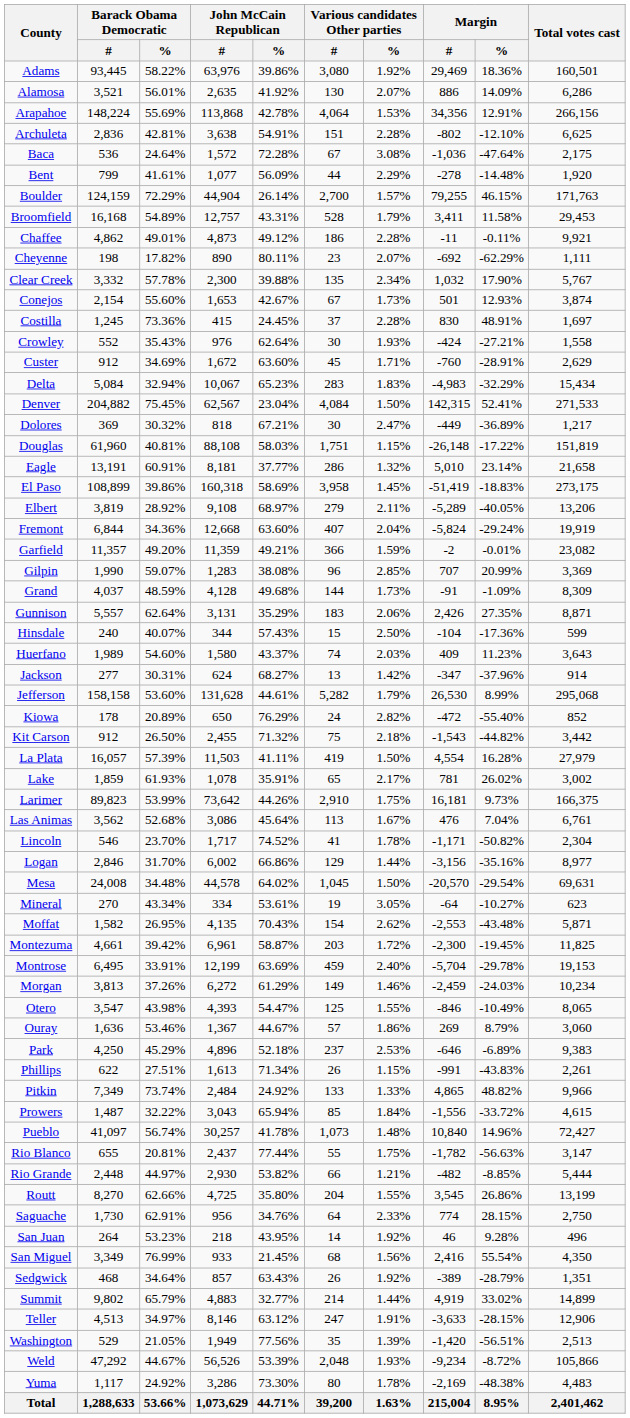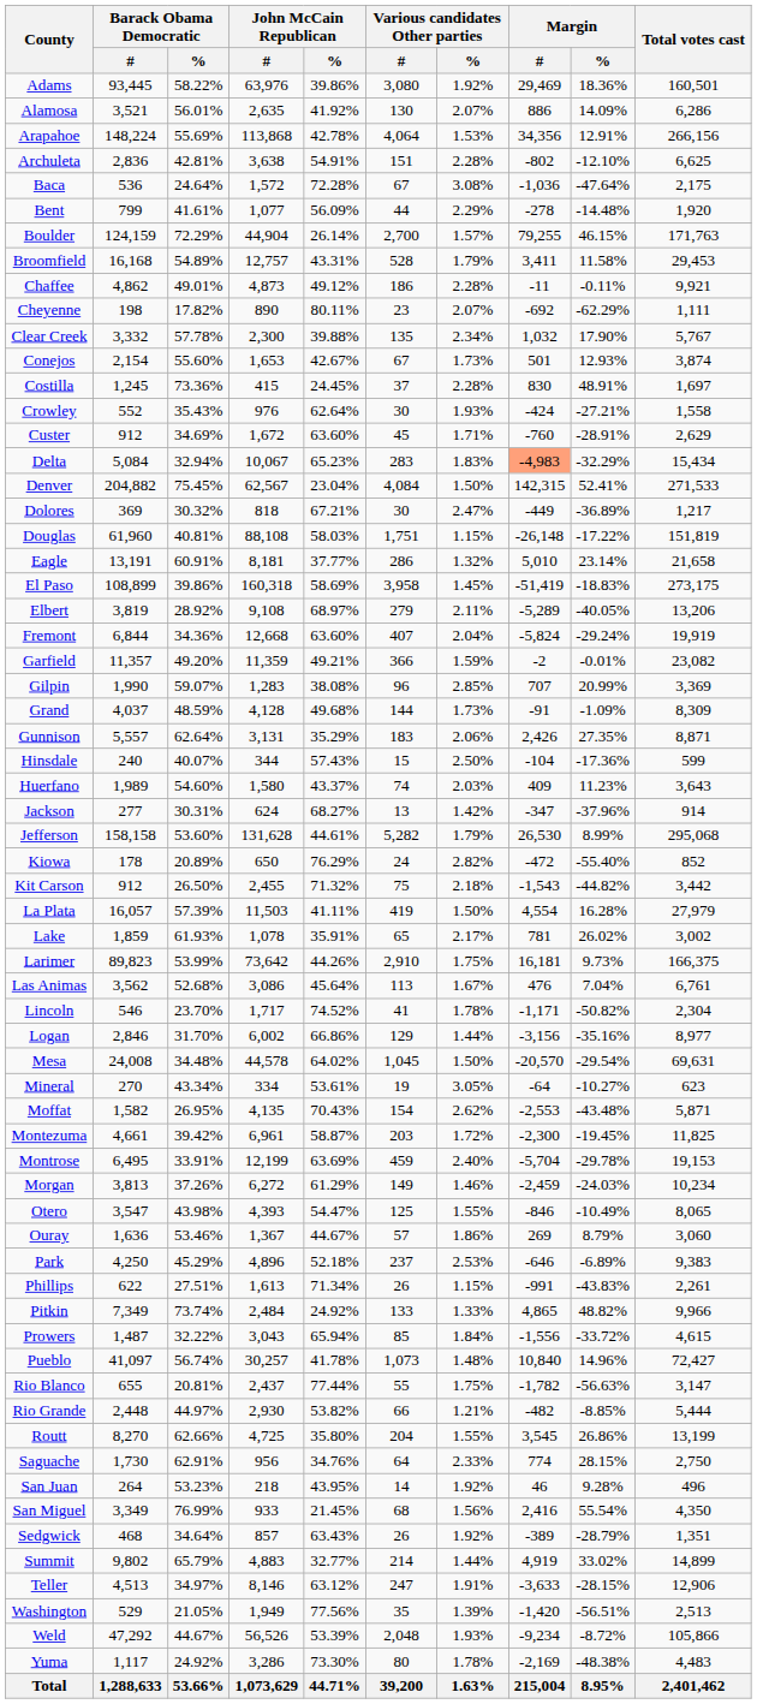 <table width="60%"  class="wikitable sortable" style="text-align:center">
 <tr>
 <th style="text-align:center;" rowspan="2">County</th>
 <th style="text-align:center;" colspan="2">Barack Obama<br>Democratic</th>
 <th style="text-align:center;" colspan="2">John McCain<br>Republican</th>
 <th style="text-align:center;" colspan="2">Various candidates<br>Other parties</th>
 <th style="text-align:center;" colspan="2">Margin</th>
 <th style="text-align:center;" rowspan="2">Total votes cast</th>
 </tr>
 <tr>
 <th style="text-align:center;" data-sort-type="number">#</th>
 <th style="text-align:center;" data-sort-type="number">%</th>
 <th style="text-align:center;" data-sort-type="number">#</th>
 <th style="text-align:center;" data-sort-type="number">%</th>
 <th style="text-align:center;" data-sort-type="number">#</th>
 <th style="text-align:center;" data-sort-type="number">%</th>
 <th style="text-align:center;" data-sort-type="number">#</th>
 <th style="text-align:center;" data-sort-type="number">%</th>
 </tr>
 <tr style="text-align:center;">
 <td><a href='#'>Adams</a></td>
 <td>93,445</td>
 <td>58.22%</td>
 <td>63,976</td>
 <td>39.86%</td>
 <td>3,080</td>
 <td>1.92%</td>
 <td>29,469</td>
 <td>18.36%</td>
 <td>160,501</td>
 </tr>
 <tr style="text-align:center;">
 <td><a href='#'>Alamosa</a></td>
 <td>3,521</td>
 <td>56.01%</td>
 <td>2,635</td>
 <td>41.92%</td>
 <td>130</td>
 <td>2.07%</td>
 <td>886</td>
 <td>14.09%</td>
 <td>6,286</td>
 </tr>
 <tr style="text-align:center;">
 <td><a href='#'>Arapahoe</a></td>
 <td>148,224</td>
 <td>55.69%</td>
 <td>113,868</td>
 <td>42.78%</td>
 <td>4,064</td>
 <td>1.53%</td>
 <td>34,356</td>
 <td>12.91%</td>
 <td>266,156</td>
 </tr>
 <tr style="text-align:center;">
 <td><a href='#'>Archuleta</a></td>
 <td>2,836</td>
 <td>42.81%</td>
 <td>3,638</td>
 <td>54.91%</td>
 <td>151</td>
 <td>2.28%</td>
 <td>-802</td>
 <td>-12.10%</td>
 <td>6,625</td>
 </tr>
 <tr style="text-align:center;">
 <td><a href='#'>Baca</a></td>
 <td>536</td>
 <td>24.64%</td>
 <td>1,572</td>
 <td>72.28%</td>
 <td>67</td>
 <td>3.08%</td>
 <td>-1,036</td>
 <td>-47.64%</td>
 <td>2,175</td>
 </tr>
 <tr style="text-align:center;">
 <td><a href='#'>Bent</a></td>
 <td>799</td>
 <td>41.61%</td>
 <td>1,077</td>
 <td>56.09%</td>
 <td>44</td>
 <td>2.29%</td>
 <td>-278</td>
 <td>-14.48%</td>
 <td>1,920</td>
 </tr>
 <tr style="text-align:center;">
 <td><a href='#'>Boulder</a></td>
 <td>124,159</td>
 <td>72.29%</td>
 <td>44,904</td>
 <td>26.14%</td>
 <td>2,700</td>
 <td>1.57%</td>
 <td>79,255</td>
 <td>46.15%</td>
 <td>171,763</td>
 </tr>
 <tr style="text-align:center;">
 <td><a href='#'>Broomfield</a></td>
 <td>16,168</td>
 <td>54.89%</td>
 <td>12,757</td>
 <td>43.31%</td>
 <td>528</td>
 <td>1.79%</td>
 <td>3,411</td>
 <td>11.58%</td>
 <td>29,453</td>
 </tr>
 <tr style="text-align:center;">
 <td><a href='#'>Chaffee</a></td>
 <td>4,862</td>
 <td>49.01%</td>
 <td>4,873</td>
 <td>49.12%</td>
 <td>186</td>
 <td>2.28%</td>
 <td>-11</td>
 <td>-0.11%</td>
 <td>9,921</td>
 </tr>
 <tr style="text-align:center;">
 <td><a href='#'>Cheyenne</a></td>
 <td>198</td>
 <td>17.82%</td>
 <td>890</td>
 <td>80.11%</td>
 <td>23</td>
 <td>2.07%</td>
 <td>-692</td>
 <td>-62.29%</td>
 <td>1,111</td>
 </tr>
 <tr style="text-align:center;">
 <td><a href='#'>Clear Creek</a></td>
 <td>3,332</td>
 <td>57.78%</td>
 <td>2,300</td>
 <td>39.88%</td>
 <td>135</td>
 <td>2.34%</td>
 <td>1,032</td>
 <td>17.90%</td>
 <td>5,767</td>
 </tr>
 <tr style="text-align:center;">
 <td><a href='#'>Conejos</a></td>
 <td>2,154</td>
 <td>55.60%</td>
 <td>1,653</td>
 <td>42.67%</td>
 <td>67</td>
 <td>1.73%</td>
 <td>501</td>
 <td>12.93%</td>
 <td>3,874</td>
 </tr>
 <tr style="text-align:center;">
 <td><a href='#'>Costilla</a></td>
 <td>1,245</td>
 <td>73.36%</td>
 <td>415</td>
 <td>24.45%</td>
 <td>37</td>
 <td>2.28%</td>
 <td>830</td>
 <td>48.91%</td>
 <td>1,697</td>
 </tr>
 <tr style="text-align:center;">
 <td><a href='#'>Crowley</a></td>
 <td>552</td>
 <td>35.43%</td>
 <td>976</td>
 <td>62.64%</td>
 <td>30</td>
 <td>1.93%</td>
 <td>-424</td>
 <td>-27.21%</td>
 <td>1,558</td>
 </tr>
 <tr style="text-align:center;">
 <td><a href='#'>Custer</a></td>
 <td>912</td>
 <td>34.69%</td>
 <td>1,672</td>
 <td>63.60%</td>
 <td>45</td>
 <td>1.71%</td>
 <td>-760</td>
 <td>-28.91%</td>
 <td>2,629</td>
 </tr>
 <tr style="text-align:center;">
 <td><a href='#'>Delta</a></td>
 <td>5,084</td>
 <td>32.94%</td>
 <td>10,067</td>
 <td>65.23%</td>
 <td>283</td>
 <td>1.83%</td>
-<td>-4,983</td>
+<td style="background: lightsalmon;">-4,983</td>
 <td>-32.29%</td>
 <td>15,434</td>
 </tr>
 <tr style="text-align:center;">
 <td><a href='#'>Denver</a></td>
 <td>204,882</td>
 <td>75.45%</td>
 <td>62,567</td>
 <td>23.04%</td>
 <td>4,084</td>
 <td>1.50%</td>
 <td>142,315</td>
 <td>52.41%</td>
 <td>271,533</td>
 </tr>
 <tr style="text-align:center;">
 <td><a href='#'>Dolores</a></td>
 <td>369</td>
 <td>30.32%</td>
 <td>818</td>
 <td>67.21%</td>
 <td>30</td>
 <td>2.47%</td>
 <td>-449</td>
 <td>-36.89%</td>
 <td>1,217</td>
 </tr>
 <tr style="text-align:center;">
 <td><a href='#'>Douglas</a></td>
 <td>61,960</td>
 <td>40.81%</td>
 <td>88,108</td>
 <td>58.03%</td>
 <td>1,751</td>
 <td>1.15%</td>
 <td>-26,148</td>
 <td>-17.22%</td>
 <td>151,819</td>
 </tr>
 <tr style="text-align:center;">
 <td><a href='#'>Eagle</a></td>
 <td>13,191</td>
 <td>60.91%</td>
 <td>8,181</td>
 <td>37.77%</td>
 <td>286</td>
 <td>1.32%</td>
 <td>5,010</td>
 <td>23.14%</td>
 <td>21,658</td>
 </tr>
 <tr style="text-align:center;">
 <td><a href='#'>El Paso</a></td>
 <td>108,899</td>
 <td>39.86%</td>
 <td>160,318</td>
 <td>58.69%</td>
 <td>3,958</td>
 <td>1.45%</td>
 <td>-51,419</td>
 <td>-18.83%</td>
 <td>273,175</td>
 </tr>
 <tr style="text-align:center;">
 <td><a href='#'>Elbert</a></td>
 <td>3,819</td>
 <td>28.92%</td>
 <td>9,108</td>
 <td>68.97%</td>
 <td>279</td>
 <td>2.11%</td>
 <td>-5,289</td>
 <td>-40.05%</td>
 <td>13,206</td>
 </tr>
 <tr style="text-align:center;">
 <td><a href='#'>Fremont</a></td>
 <td>6,844</td>
 <td>34.36%</td>
 <td>12,668</td>
 <td>63.60%</td>
 <td>407</td>
 <td>2.04%</td>
 <td>-5,824</td>
 <td>-29.24%</td>
 <td>19,919</td>
 </tr>
 <tr style="text-align:center;">
 <td><a href='#'>Garfield</a></td>
 <td>11,357</td>
 <td>49.20%</td>
 <td>11,359</td>
 <td>49.21%</td>
 <td>366</td>
 <td>1.59%</td>
 <td>-2</td>
 <td>-0.01%</td>
 <td>23,082</td>
 </tr>
 <tr style="text-align:center;">
 <td><a href='#'>Gilpin</a></td>
 <td>1,990</td>
 <td>59.07%</td>
 <td>1,283</td>
 <td>38.08%</td>
 <td>96</td>
 <td>2.85%</td>
 <td>707</td>
 <td>20.99%</td>
 <td>3,369</td>
 </tr>
 <tr style="text-align:center;">
 <td><a href='#'>Grand</a></td>
 <td>4,037</td>
 <td>48.59%</td>
 <td>4,128</td>
 <td>49.68%</td>
 <td>144</td>
 <td>1.73%</td>
 <td>-91</td>
 <td>-1.09%</td>
 <td>8,309</td>
 </tr>
 <tr style="text-align:center;">
 <td><a href='#'>Gunnison</a></td>
 <td>5,557</td>
 <td>62.64%</td>
 <td>3,131</td>
 <td>35.29%</td>
 <td>183</td>
 <td>2.06%</td>
 <td>2,426</td>
 <td>27.35%</td>
 <td>8,871</td>
 </tr>
 <tr style="text-align:center;">
 <td><a href='#'>Hinsdale</a></td>
 <td>240</td>
 <td>40.07%</td>
 <td>344</td>
 <td>57.43%</td>
 <td>15</td>
 <td>2.50%</td>
 <td>-104</td>
 <td>-17.36%</td>
 <td>599</td>
 </tr>
 <tr style="text-align:center;">
 <td><a href='#'>Huerfano</a></td>
 <td>1,989</td>
 <td>54.60%</td>
 <td>1,580</td>
 <td>43.37%</td>
 <td>74</td>
 <td>2.03%</td>
 <td>409</td>
 <td>11.23%</td>
 <td>3,643</td>
 </tr>
 <tr style="text-align:center;">
 <td><a href='#'>Jackson</a></td>
 <td>277</td>
 <td>30.31%</td>
 <td>624</td>
 <td>68.27%</td>
 <td>13</td>
 <td>1.42%</td>
 <td>-347</td>
 <td>-37.96%</td>
 <td>914</td>
 </tr>
 <tr style="text-align:center;">
 <td><a href='#'>Jefferson</a></td>
 <td>158,158</td>
 <td>53.60%</td>
 <td>131,628</td>
 <td>44.61%</td>
 <td>5,282</td>
 <td>1.79%</td>
 <td>26,530</td>
 <td>8.99%</td>
 <td>295,068</td>
 </tr>
 <tr style="text-align:center;">
 <td><a href='#'>Kiowa</a></td>
 <td>178</td>
 <td>20.89%</td>
 <td>650</td>
 <td>76.29%</td>
 <td>24</td>
 <td>2.82%</td>
 <td>-472</td>
 <td>-55.40%</td>
 <td>852</td>
 </tr>
 <tr style="text-align:center;">
 <td><a href='#'>Kit Carson</a></td>
 <td>912</td>
 <td>26.50%</td>
 <td>2,455</td>
 <td>71.32%</td>
 <td>75</td>
 <td>2.18%</td>
 <td>-1,543</td>
 <td>-44.82%</td>
 <td>3,442</td>
 </tr>
 <tr style="text-align:center;">
 <td><a href='#'>La Plata</a></td>
 <td>16,057</td>
 <td>57.39%</td>
 <td>11,503</td>
 <td>41.11%</td>
 <td>419</td>
 <td>1.50%</td>
 <td>4,554</td>
 <td>16.28%</td>
 <td>27,979</td>
 </tr>
 <tr style="text-align:center;">
 <td><a href='#'>Lake</a></td>
 <td>1,859</td>
 <td>61.93%</td>
 <td>1,078</td>
 <td>35.91%</td>
 <td>65</td>
 <td>2.17%</td>
 <td>781</td>
 <td>26.02%</td>
 <td>3,002</td>
 </tr>
 <tr style="text-align:center;">
 <td><a href='#'>Larimer</a></td>
 <td>89,823</td>
 <td>53.99%</td>
 <td>73,642</td>
 <td>44.26%</td>
 <td>2,910</td>
 <td>1.75%</td>
 <td>16,181</td>
 <td>9.73%</td>
 <td>166,375</td>
 </tr>
 <tr style="text-align:center;">
 <td><a href='#'>Las Animas</a></td>
 <td>3,562</td>
 <td>52.68%</td>
 <td>3,086</td>
 <td>45.64%</td>
 <td>113</td>
 <td>1.67%</td>
 <td>476</td>
 <td>7.04%</td>
 <td>6,761</td>
 </tr>
 <tr style="text-align:center;">
 <td><a href='#'>Lincoln</a></td>
 <td>546</td>
 <td>23.70%</td>
 <td>1,717</td>
 <td>74.52%</td>
 <td>41</td>
 <td>1.78%</td>
 <td>-1,171</td>
 <td>-50.82%</td>
 <td>2,304</td>
 </tr>
 <tr style="text-align:center;">
 <td><a href='#'>Logan</a></td>
 <td>2,846</td>
 <td>31.70%</td>
 <td>6,002</td>
 <td>66.86%</td>
 <td>129</td>
 <td>1.44%</td>
 <td>-3,156</td>
 <td>-35.16%</td>
 <td>8,977</td>
 </tr>
 <tr style="text-align:center;">
 <td><a href='#'>Mesa</a></td>
 <td>24,008</td>
 <td>34.48%</td>
 <td>44,578</td>
 <td>64.02%</td>
 <td>1,045</td>
 <td>1.50%</td>
 <td>-20,570</td>
 <td>-29.54%</td>
 <td>69,631</td>
 </tr>
 <tr style="text-align:center;">
 <td><a href='#'>Mineral</a></td>
 <td>270</td>
 <td>43.34%</td>
 <td>334</td>
 <td>53.61%</td>
 <td>19</td>
 <td>3.05%</td>
 <td>-64</td>
 <td>-10.27%</td>
 <td>623</td>
 </tr>
 <tr style="text-align:center;">
 <td><a href='#'>Moffat</a></td>
 <td>1,582</td>
 <td>26.95%</td>
 <td>4,135</td>
 <td>70.43%</td>
 <td>154</td>
 <td>2.62%</td>
 <td>-2,553</td>
 <td>-43.48%</td>
 <td>5,871</td>
 </tr>
 <tr style="text-align:center;">
 <td><a href='#'>Montezuma</a></td>
 <td>4,661</td>
 <td>39.42%</td>
 <td>6,961</td>
 <td>58.87%</td>
 <td>203</td>
 <td>1.72%</td>
 <td>-2,300</td>
 <td>-19.45%</td>
 <td>11,825</td>
 </tr>
 <tr style="text-align:center;">
 <td><a href='#'>Montrose</a></td>
 <td>6,495</td>
 <td>33.91%</td>
 <td>12,199</td>
 <td>63.69%</td>
 <td>459</td>
 <td>2.40%</td>
 <td>-5,704</td>
 <td>-29.78%</td>
 <td>19,153</td>
 </tr>
 <tr style="text-align:center;">
 <td><a href='#'>Morgan</a></td>
 <td>3,813</td>
 <td>37.26%</td>
 <td>6,272</td>
 <td>61.29%</td>
 <td>149</td>
 <td>1.46%</td>
 <td>-2,459</td>
 <td>-24.03%</td>
 <td>10,234</td>
 </tr>
 <tr style="text-align:center;">
 <td><a href='#'>Otero</a></td>
 <td>3,547</td>
 <td>43.98%</td>
 <td>4,393</td>
 <td>54.47%</td>
 <td>125</td>
 <td>1.55%</td>
 <td>-846</td>
 <td>-10.49%</td>
 <td>8,065</td>
 </tr>
 <tr style="text-align:center;">
 <td><a href='#'>Ouray</a></td>
 <td>1,636</td>
 <td>53.46%</td>
 <td>1,367</td>
 <td>44.67%</td>
 <td>57</td>
 <td>1.86%</td>
 <td>269</td>
 <td>8.79%</td>
 <td>3,060</td>
 </tr>
 <tr style="text-align:center;">
 <td><a href='#'>Park</a></td>
 <td>4,250</td>
 <td>45.29%</td>
 <td>4,896</td>
 <td>52.18%</td>
 <td>237</td>
 <td>2.53%</td>
 <td>-646</td>
 <td>-6.89%</td>
 <td>9,383</td>
 </tr>
 <tr style="text-align:center;">
 <td><a href='#'>Phillips</a></td>
 <td>622</td>
 <td>27.51%</td>
 <td>1,613</td>
 <td>71.34%</td>
 <td>26</td>
 <td>1.15%</td>
 <td>-991</td>
 <td>-43.83%</td>
 <td>2,261</td>
 </tr>
 <tr style="text-align:center;">
 <td><a href='#'>Pitkin</a></td>
 <td>7,349</td>
 <td>73.74%</td>
 <td>2,484</td>
 <td>24.92%</td>
 <td>133</td>
 <td>1.33%</td>
 <td>4,865</td>
 <td>48.82%</td>
 <td>9,966</td>
 </tr>
 <tr style="text-align:center;">
 <td><a href='#'>Prowers</a></td>
 <td>1,487</td>
 <td>32.22%</td>
 <td>3,043</td>
 <td>65.94%</td>
 <td>85</td>
 <td>1.84%</td>
 <td>-1,556</td>
 <td>-33.72%</td>
 <td>4,615</td>
 </tr>
 <tr style="text-align:center;">
 <td><a href='#'>Pueblo</a></td>
 <td>41,097</td>
 <td>56.74%</td>
 <td>30,257</td>
 <td>41.78%</td>
 <td>1,073</td>
 <td>1.48%</td>
 <td>10,840</td>
 <td>14.96%</td>
 <td>72,427</td>
 </tr>
 <tr style="text-align:center;">
 <td><a href='#'>Rio Blanco</a></td>
 <td>655</td>
 <td>20.81%</td>
 <td>2,437</td>
 <td>77.44%</td>
 <td>55</td>
 <td>1.75%</td>
 <td>-1,782</td>
 <td>-56.63%</td>
 <td>3,147</td>
 </tr>
 <tr style="text-align:center;">
 <td><a href='#'>Rio Grande</a></td>
 <td>2,448</td>
 <td>44.97%</td>
 <td>2,930</td>
 <td>53.82%</td>
 <td>66</td>
 <td>1.21%</td>
 <td>-482</td>
 <td>-8.85%</td>
 <td>5,444</td>
 </tr>
 <tr style="text-align:center;">
 <td><a href='#'>Routt</a></td>
 <td>8,270</td>
 <td>62.66%</td>
 <td>4,725</td>
 <td>35.80%</td>
 <td>204</td>
 <td>1.55%</td>
 <td>3,545</td>
 <td>26.86%</td>
 <td>13,199</td>
 </tr>
 <tr style="text-align:center;">
 <td><a href='#'>Saguache</a></td>
 <td>1,730</td>
 <td>62.91%</td>
 <td>956</td>
 <td>34.76%</td>
 <td>64</td>
 <td>2.33%</td>
 <td>774</td>
 <td>28.15%</td>
 <td>2,750</td>
 </tr>
 <tr style="text-align:center;">
 <td><a href='#'>San Juan</a></td>
 <td>264</td>
 <td>53.23%</td>
 <td>218</td>
 <td>43.95%</td>
 <td>14</td>
 <td>1.92%</td>
 <td>46</td>
 <td>9.28%</td>
 <td>496</td>
 </tr>
 <tr style="text-align:center;">
 <td><a href='#'>San Miguel</a></td>
 <td>3,349</td>
 <td>76.99%</td>
 <td>933</td>
 <td>21.45%</td>
 <td>68</td>
 <td>1.56%</td>
 <td>2,416</td>
 <td>55.54%</td>
 <td>4,350</td>
 </tr>
 <tr style="text-align:center;">
 <td><a href='#'>Sedgwick</a></td>
 <td>468</td>
 <td>34.64%</td>
 <td>857</td>
 <td>63.43%</td>
 <td>26</td>
 <td>1.92%</td>
 <td>-389</td>
 <td>-28.79%</td>
 <td>1,351</td>
 </tr>
 <tr style="text-align:center;">
 <td><a href='#'>Summit</a></td>
 <td>9,802</td>
 <td>65.79%</td>
 <td>4,883</td>
 <td>32.77%</td>
 <td>214</td>
 <td>1.44%</td>
 <td>4,919</td>
 <td>33.02%</td>
 <td>14,899</td>
 </tr>
 <tr style="text-align:center;">
 <td><a href='#'>Teller</a></td>
 <td>4,513</td>
 <td>34.97%</td>
 <td>8,146</td>
 <td>63.12%</td>
 <td>247</td>
 <td>1.91%</td>
 <td>-3,633</td>
 <td>-28.15%</td>
 <td>12,906</td>
 </tr>
 <tr style="text-align:center;">
 <td><a href='#'>Washington</a></td>
 <td>529</td>
 <td>21.05%</td>
 <td>1,949</td>
 <td>77.56%</td>
 <td>35</td>
 <td>1.39%</td>
 <td>-1,420</td>
 <td>-56.51%</td>
 <td>2,513</td>
 </tr>
 <tr style="text-align:center;">
 <td><a href='#'>Weld</a></td>
 <td>47,292</td>
 <td>44.67%</td>
 <td>56,526</td>
 <td>53.39%</td>
 <td>2,048</td>
 <td>1.93%</td>
 <td>-9,234</td>
 <td>-8.72%</td>
 <td>105,866</td>
 </tr>
 <tr style="text-align:center;">
 <td><a href='#'>Yuma</a></td>
 <td>1,117</td>
 <td>24.92%</td>
 <td>3,286</td>
 <td>73.30%</td>
 <td>80</td>
 <td>1.78%</td>
 <td>-2,169</td>
 <td>-48.38%</td>
 <td>4,483</td>
 </tr>
 <tr>
 <th>Total</th>
 <th>1,288,633</th>
 <th>53.66%</th>
 <th>1,073,629</th>
 <th>44.71%</th>
 <th>39,200</th>
 <th>1.63%</th>
 <th>215,004</th>
 <th>8.95%</th>
 <th>2,401,462</th>
 </tr>
 </table>
